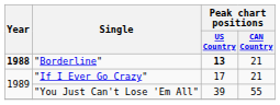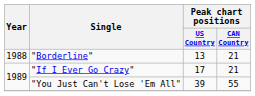 <table class="wikitable" style="text-align:center;">
 <tr>
 <th rowspan="2">Year</th>
 <th rowspan="2">Single</th>
 <th colspan="2">Peak chart<br>positions</th>
 </tr>
 <tr style="font-size:smaller;">
 <th width="45"><a href='#'>US Country</a></th>
 <th width="45"><a href='#'>CAN Country</a></th>
 </tr>
 <tr>
-<td><strong>1988</strong></td>
+<td>1988</td>
 <td align="left">"<a href='#'>Borderline</a>"</td>
-<td><strong>13</strong></td>
+<td>13</td>
 <td>21</td>
 </tr>
 <tr>
 <td rowspan="2">1989</td>
 <td align="left">"<a href='#'>If I Ever Go Crazy</a>"</td>
 <td>17</td>
 <td>21</td>
 </tr>
 <tr>
 <td align="left">"You Just Can't Lose 'Em All"</td>
 <td>39</td>
 <td>55</td>
 </tr>
 <tr>
 </tr>
 </table>
